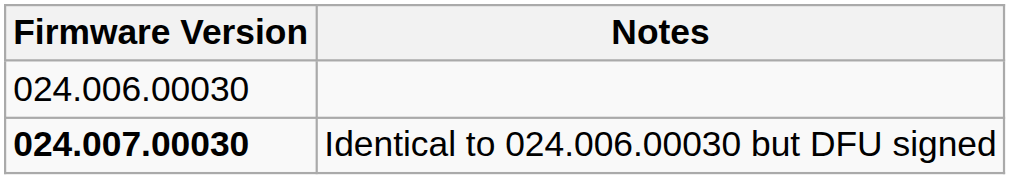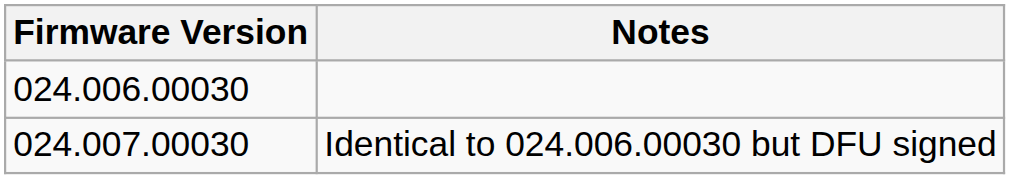 <table class="wikitable">
 <tr>
 <th>Firmware Version</th>
 <th>Notes</th>
 </tr>
 <tr>
 <td>024.006.00030</td>
 <td></td>
 </tr>
 <tr>
-<td><strong>024.007.00030</strong></td>
+<td>024.007.00030</td>
 <td>Identical to 024.006.00030 but DFU signed</td>
 </tr>
 </table>
